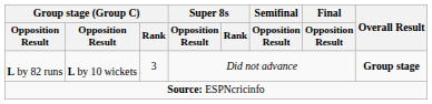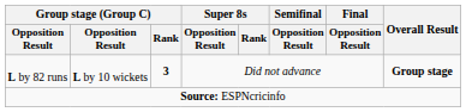 <table class=wikitable style=font-size:90%;text-align:center>
 <tr>
 <th colspan=3>Group stage (Group C)</th>
 <th colspan=2>Super 8s</th>
 <th>Semifinal</th>
 <th>Final</th>
 <th rowspan=2>Overall Result</th>
 </tr>
 <tr style=font-size:95%>
 <th>Opposition<br>Result</th>
 <th>Opposition<br>Result</th>
 <th>Rank</th>
 <th>Opposition<br>Result</th>
 <th>Rank</th>
 <th>Opposition<br>Result</th>
 <th>Opposition<br>Result</th>
 </tr>
 <tr>
 <td><br><strong>L</strong> by 82 runs</td>
 <td><br><strong>L</strong> by 10 wickets</td>
-<td>3</td>
+<td><strong>3</strong></td>
 <td colspan=4><em>Did not advance</em></td>
 <td><strong>Group stage</strong></td>
 </tr>
 <tr>
 <td colspan="11"><strong>Source:</strong> ESPNcricinfo</td>
 </tr>
 </table>
